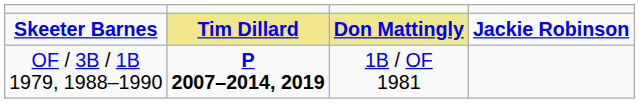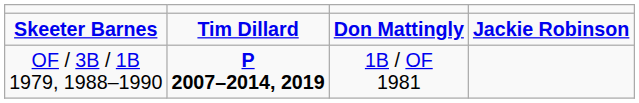 <table class="wikitable" style="text-align:center;">
 <tr>
 <td></td>
 <td></td>
 <td></td>
 <td></td>
 </tr>
 <tr>
 <td><strong><a href='#'>Skeeter Barnes</a></strong></td>
-<td style="background: khaki;"><strong><a href='#'>Tim Dillard</a></strong></td>
-<td style="background: khaki;"><strong><a href='#'>Don Mattingly</a></strong></td>
+<td><strong><a href='#'>Tim Dillard</a></strong></td>
+<td><strong><a href='#'>Don Mattingly</a></strong></td>
 <td><strong><a href='#'>Jackie Robinson</a></strong></td>
 </tr>
 <tr>
 <td><a href='#'>OF</a> / <a href='#'>3B</a> / <a href='#'>1B</a><br> 1979, 1988–1990<br> </td>
 <td><strong><a href='#'>P</a> <br> 2007–2014, 2019<br> </strong></td>
 <td><a href='#'>1B</a> / <a href='#'>OF</a> <br> 1981 <br> </td>
 <td></td>
 </tr>
 </table>
